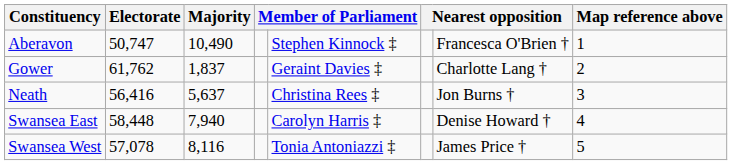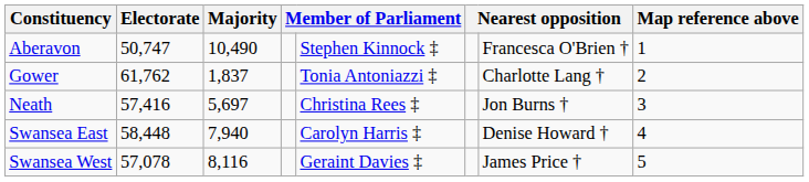 <table class="wikitable sortable">
 <tr>
 <th rowspan=1>Constituency</th>
 <th rowspan=1>Electorate</th>
 <th rowspan=1>Majority</th>
 <th colspan=2 class=unsortable><a href='#'>Member of Parliament</a></th>
 <th colspan=2 class=unsortable>Nearest opposition<br></th>
 <th rowspan=1 class=unsortable>Map reference above</th>
 </tr>
 <tr>
 <td><a href='#'>Aberavon</a></td>
 <td>50,747</td>
 <td>10,490</td>
 <td style="color:inherit;background:"> </td>
 <td><a href='#'>Stephen Kinnock</a> ‡</td>
 <td style="color:inherit;background:"> </td>
 <td>Francesca O'Brien †</td>
 <td>1</td>
 </tr>
 <tr>
 <td><a href='#'>Gower</a></td>
 <td>61,762</td>
 <td>1,837</td>
 <td style="color:inherit;background:"> </td>
-<td><a href='#'>Geraint Davies</a> ‡</td>
+<td><a href='#'>Tonia Antoniazzi</a> ‡</td>
 <td style="color:inherit;background:"> </td>
 <td>Charlotte Lang †</td>
 <td>2</td>
 </tr>
 <tr>
 <td><a href='#'>Neath</a></td>
-<td>56,416</td>
-<td>5,637</td>
+<td>57,416</td>
+<td>5,697</td>
 <td style="color:inherit;background:"> </td>
 <td><a href='#'>Christina Rees</a> ‡</td>
 <td style="color:inherit;background:"> </td>
 <td>Jon Burns †</td>
 <td>3</td>
 </tr>
 <tr>
 <td><a href='#'>Swansea East</a></td>
 <td>58,448</td>
 <td>7,940</td>
 <td style="color:inherit;background:"> </td>
 <td><a href='#'>Carolyn Harris</a> ‡</td>
 <td style="color:inherit;background:"> </td>
 <td>Denise Howard †</td>
 <td>4</td>
 </tr>
 <tr>
 <td><a href='#'>Swansea West</a></td>
 <td>57,078</td>
 <td>8,116</td>
 <td style="color:inherit;background:"> </td>
-<td><a href='#'>Tonia Antoniazzi</a> ‡</td>
+<td><a href='#'>Geraint Davies</a> ‡</td>
 <td style="color:inherit;background:"> </td>
 <td>James Price †</td>
 <td>5</td>
 </tr>
 </table>
